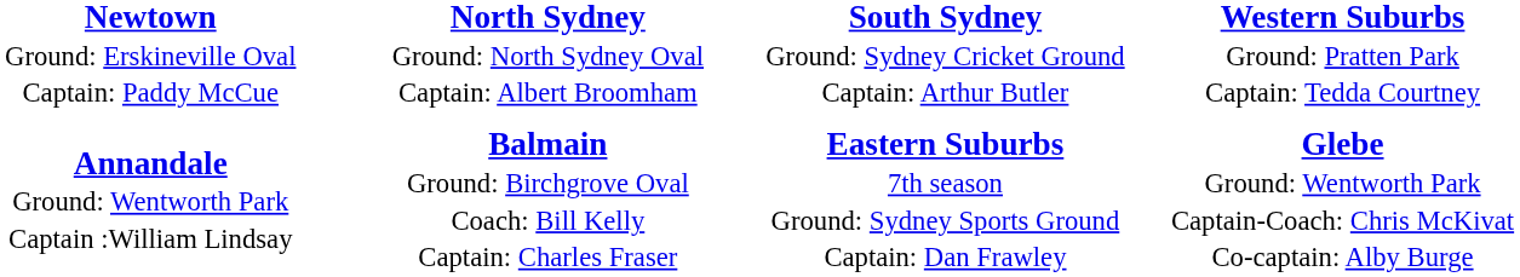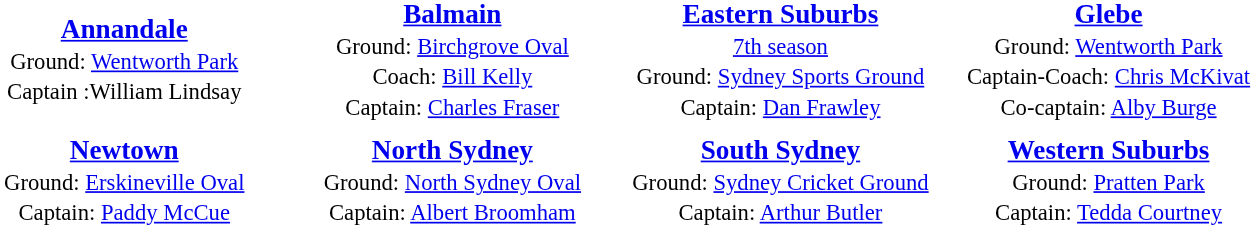 <table align="center" class="toccolours" style="text-valign: center;" cellpadding=3 cellspacing=2>
 <tr>
 <th width=185></th>
 <th width=185></th>
 <th width=185></th>
 <th width=185></th>
 </tr>
 <tr>
+<td align="center"><strong><a href='#'>Annandale</a></strong><br><small>Ground: <a href='#'>Wentworth Park</a><br>Captain :William Lindsay</small></td>
+<td align="center"><strong><a href='#'>Balmain</a></strong><br><small>Ground: <a href='#'>Birchgrove Oval</a><br>Coach: <a href='#'>Bill Kelly</a><br>Captain: <a href='#'>Charles Fraser</a></small></td>
+<td align="center"><strong><a href='#'>Eastern Suburbs</a></strong><br><small><a href='#'>7th season</a><br>Ground: <a href='#'>Sydney Sports Ground</a><br>Captain: <a href='#'>Dan Frawley</a></small></td>
+<td align="center"><strong><a href='#'>Glebe</a></strong><br><small>Ground: <a href='#'>Wentworth Park</a><br>Captain-Coach: <a href='#'>Chris McKivat</a><br>Co-captain: <a href='#'>Alby Burge</a> </small></td>
+</tr>
+<tr>
 <td align="center"><strong><a href='#'>Newtown</a></strong><br><small>Ground: <a href='#'>Erskineville Oval</a><br>Captain: <a href='#'>Paddy McCue</a></small></td>
 <td align="center"><strong><a href='#'>North Sydney</a></strong><br><small>Ground: <a href='#'>North Sydney Oval</a><br>Captain: <a href='#'>Albert Broomham</a></small></td>
 <td align="center"><strong><a href='#'>South Sydney</a></strong><br><small>Ground: <a href='#'>Sydney Cricket Ground</a><br>Captain: <a href='#'>Arthur Butler</a></small></td>
 <td align="center"><strong><a href='#'>Western Suburbs</a></strong><br><small>Ground: <a href='#'>Pratten Park</a><br>Captain: <a href='#'>Tedda Courtney</a></small></td>
 </tr>
-<tr>
-<td align="center"><strong><a href='#'>Annandale</a></strong><br><small>Ground: <a href='#'>Wentworth Park</a><br>Captain :William Lindsay</small></td>
-<td align="center"><strong><a href='#'>Balmain</a></strong><br><small>Ground: <a href='#'>Birchgrove Oval</a><br>Coach: <a href='#'>Bill Kelly</a><br>Captain: <a href='#'>Charles Fraser</a></small></td>
-<td align="center"><strong><a href='#'>Eastern Suburbs</a></strong><br><small><a href='#'>7th season</a><br>Ground: <a href='#'>Sydney Sports Ground</a><br>Captain: <a href='#'>Dan Frawley</a></small></td>
-<td align="center"><strong><a href='#'>Glebe</a></strong><br><small>Ground: <a href='#'>Wentworth Park</a><br>Captain-Coach: <a href='#'>Chris McKivat</a><br>Co-captain: <a href='#'>Alby Burge</a> </small></td>
-</tr>
 </table>
